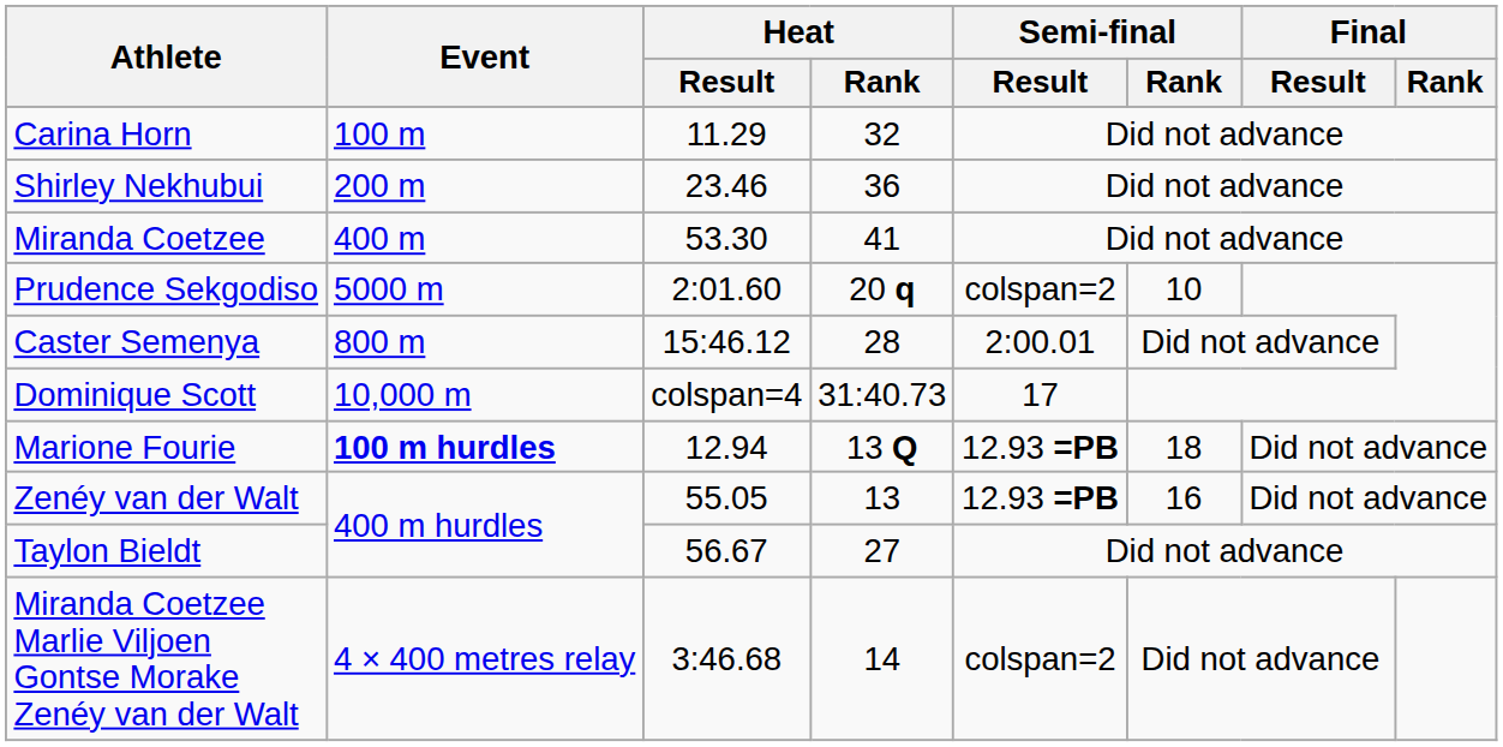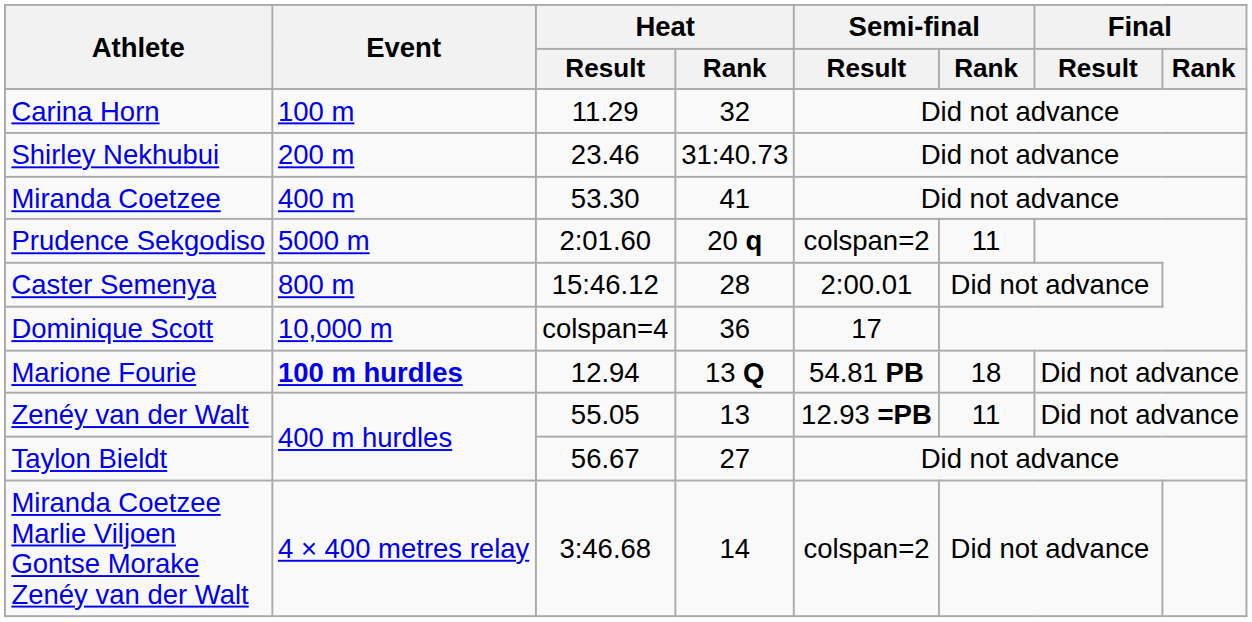 <table class="wikitable" style="font-size:90%">
 <tr>
 <th rowspan="2">Athlete</th>
 <th rowspan="2">Event</th>
 <th colspan="2">Heat</th>
 <th colspan="2">Semi-final</th>
 <th colspan="2">Final</th>
 </tr>
 <tr style="font-size:95%">
 <th>Result</th>
 <th>Rank</th>
 <th>Result</th>
 <th>Rank</th>
 <th>Result</th>
 <th>Rank</th>
 </tr>
 <tr align=center>
 <td align=left><a href='#'>Carina Horn</a></td>
 <td align=left><a href='#'>100 m</a></td>
 <td>11.29</td>
 <td>32</td>
 <td colspan="4">Did not advance</td>
 </tr>
 <tr align=center>
 <td align=left><a href='#'>Shirley Nekhubui</a></td>
 <td align=left><a href='#'>200 m</a></td>
 <td>23.46</td>
-<td>36</td>
+<td>31:40.73</td>
 <td colspan="4">Did not advance</td>
 </tr>
 <tr align=center>
 <td align=left><a href='#'>Miranda Coetzee</a></td>
 <td align=left><a href='#'>400 m</a></td>
 <td>53.30</td>
 <td>41</td>
 <td colspan="4">Did not advance</td>
 </tr>
 <tr align=center>
 <td align=left><a href='#'>Prudence Sekgodiso</a></td>
 <td align=left><a href='#'>5000 m</a></td>
 <td>2:01.60</td>
 <td>20 <strong>q</strong></td>
 <td>colspan=2  </td>
-<td>10</td>
+<td>11</td>
 </tr>
 <tr align=center>
 <td align=left><a href='#'>Caster Semenya</a></td>
 <td align=left><a href='#'>800 m</a></td>
 <td>15:46.12</td>
 <td>28</td>
 <td>2:00.01</td>
 <td colspan="2">Did not advance</td>
 </tr>
 <tr align=center>
 <td align=left><a href='#'>Dominique Scott</a></td>
 <td align=left><a href='#'>10,000 m</a></td>
 <td>colspan=4  </td>
-<td>31:40.73</td>
+<td>36</td>
 <td>17</td>
 </tr>
 <tr align=center>
 <td align=left><a href='#'>Marione Fourie</a></td>
 <td align=left><strong><a href='#'>100 m hurdles</a></strong></td>
 <td>12.94</td>
 <td>13 <strong>Q</strong></td>
-<td>12.93 <strong>=PB</strong></td>
+<td>54.81 <strong>PB</strong></td>
 <td>18</td>
 <td colspan="2">Did not advance</td>
 </tr>
 <tr align=center>
 <td align=left><a href='#'>Zenéy van der Walt</a></td>
 <td align=left rowspan=2><a href='#'>400 m hurdles</a></td>
 <td>55.05</td>
 <td>13</td>
 <td>12.93 <strong>=PB</strong></td>
-<td>16</td>
+<td>11</td>
 <td colspan="2">Did not advance</td>
 </tr>
 <tr align=center>
 <td align=left><a href='#'>Taylon Bieldt</a></td>
 <td>56.67</td>
 <td>27</td>
 <td colspan="4">Did not advance</td>
 </tr>
 <tr align=center>
 <td align=left><a href='#'>Miranda Coetzee</a><br> <a href='#'>Marlie Viljoen</a><br> <a href='#'>Gontse Morake</a><br> <a href='#'>Zenéy van der Walt</a></td>
 <td align=left><a href='#'>4 × 400 metres relay</a></td>
 <td>3:46.68</td>
 <td>14</td>
 <td>colspan=2</td>
 <td colspan="2">Did not advance</td>
 </tr>
 </table>
